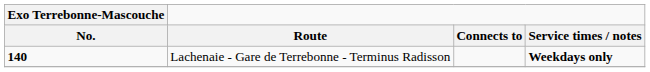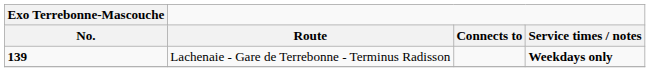 <table align=center class="wikitable">
 <tr>
 <th style="background: #">Exo Terrebonne-Mascouche</th>
 </tr>
 <tr>
 <th>No.</th>
 <th>Route</th>
 <th>Connects to</th>
 <th>Service times / notes</th>
 </tr>
 <tr>
-<td {{border> <strong>140</strong></td>
+<td {{border> <strong>139</strong></td>
 <td>Lachenaie - Gare de Terrebonne - Terminus Radisson</td>
 <td></td>
 <td><strong>Weekdays only</strong></td>
 </tr>
 <tr>
 </tr>
 </table>
